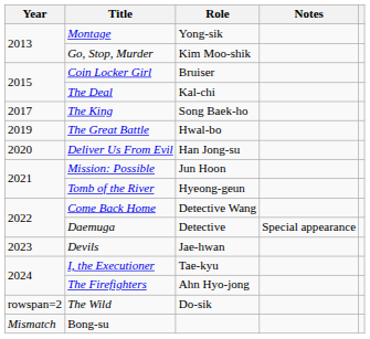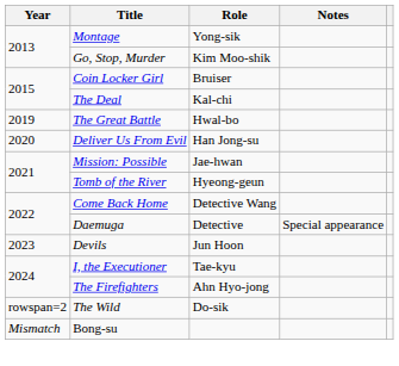 <table class="wikitable sortable">
 <tr>
 <th>Year</th>
 <th>Title</th>
 <th>Role</th>
 <th>Notes</th>
 <th></th>
 </tr>
 <tr>
 <td rowspan=2>2013</td>
 <td><em><a href='#'>Montage</a></em></td>
 <td>Yong-sik</td>
 <td></td>
 <td></td>
 </tr>
 <tr>
 <td><em>Go, Stop, Murder</em></td>
 <td>Kim Moo-shik</td>
 <td></td>
 <td></td>
 </tr>
 <tr>
 <td rowspan=2>2015</td>
 <td><em><a href='#'>Coin Locker Girl</a></em></td>
 <td>Bruiser</td>
 <td></td>
 <td></td>
 </tr>
 <tr>
 <td><em><a href='#'>The Deal</a></em></td>
 <td>Kal-chi</td>
 <td></td>
 <td></td>
 </tr>
 <tr>
-<td>2017</td>
-<td><em><a href='#'>The King</a></em></td>
-<td>Song Baek-ho</td>
-<td></td>
-<td></td>
-</tr>
-<tr>
 <td>2019</td>
 <td><em><a href='#'>The Great Battle</a></em></td>
 <td>Hwal-bo</td>
 <td></td>
 <td></td>
 </tr>
 <tr>
 <td>2020</td>
 <td><em><a href='#'>Deliver Us From Evil</a></em></td>
 <td>Han Jong-su</td>
 <td></td>
 <td></td>
 </tr>
 <tr>
 <td rowspan=2>2021</td>
 <td><em><a href='#'>Mission: Possible</a></em></td>
-<td>Jun Hoon</td>
+<td>Jae-hwan</td>
 <td></td>
 <td></td>
 </tr>
 <tr>
 <td><em><a href='#'>Tomb of the River</a></em></td>
 <td>Hyeong-geun</td>
 <td></td>
 <td></td>
 </tr>
 <tr>
 <td rowspan=2>2022</td>
 <td><em><a href='#'>Come Back Home</a></em></td>
 <td>Detective Wang</td>
 <td></td>
 <td></td>
 </tr>
 <tr>
 <td><em>Daemuga</em></td>
 <td>Detective</td>
 <td>Special appearance</td>
 <td></td>
 </tr>
 <tr>
 <td>2023</td>
 <td><em>Devils</em></td>
-<td>Jae-hwan</td>
+<td>Jun Hoon</td>
 <td></td>
 <td></td>
 </tr>
 <tr>
 <td rowspan="2">2024</td>
 <td><em><a href='#'>I, the Executioner</a></em></td>
 <td>Tae-kyu</td>
 <td></td>
 <td></td>
 </tr>
 <tr>
 <td><em><a href='#'>The Firefighters</a></em></td>
 <td>Ahn Hyo-jong</td>
 <td></td>
 <td></td>
 </tr>
 <tr>
 <td>rowspan=2 </td>
 <td><em>The Wild </em></td>
 <td>Do-sik</td>
 <td></td>
 <td></td>
 </tr>
 <tr>
 <td><em>Mismatch</em></td>
 <td>Bong-su</td>
 <td></td>
 <td></td>
 </tr>
 </table>
